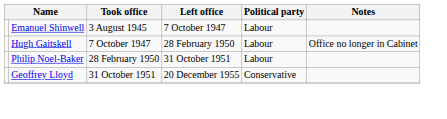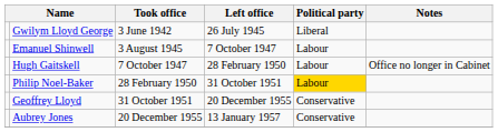 <table class="wikitable">
 <tr>
 <th colspan=2>Name</th>
 <th>Took office</th>
 <th>Left office</th>
 <th>Political party</th>
 <th>Notes</th>
+</tr>
+<tr>
+<td style="background-color: "></td>
+<td><a href='#'>Gwilym Lloyd George</a></td>
+<td>3 June 1942</td>
+<td>26 July 1945</td>
+<td>Liberal</td>
+<td></td>
 </tr>
 <tr>
 <td style="background-color: "></td>
 <td><a href='#'>Emanuel Shinwell</a></td>
 <td>3 August 1945</td>
 <td>7 October 1947</td>
 <td>Labour</td>
 <td></td>
 </tr>
 <tr>
 <td style="background-color: "></td>
 <td><a href='#'>Hugh Gaitskell</a></td>
 <td>7 October 1947</td>
 <td>28 February 1950</td>
 <td>Labour</td>
 <td>Office no longer in Cabinet</td>
 </tr>
 <tr>
 <td style="background-color: "></td>
 <td><a href='#'>Philip Noel-Baker</a></td>
 <td>28 February 1950</td>
 <td>31 October 1951</td>
-<td>Labour</td>
+<td style="background: gold;">Labour</td>
 <td></td>
 </tr>
 <tr>
 <td style="background-color: "></td>
 <td><a href='#'>Geoffrey Lloyd</a></td>
 <td>31 October 1951</td>
 <td>20 December 1955</td>
 <td>Conservative</td>
 <td></td>
 </tr>
 <tr>
+<td style="background-color: "></td>
+<td><a href='#'>Aubrey Jones</a></td>
+<td>20 December 1955</td>
+<td>13 January 1957</td>
+<td>Conservative</td>
+<td></td>
+</tr>
+<tr>
 </tr>
 </table>
